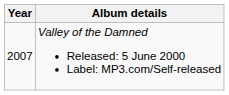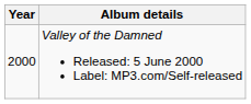 <table class=wikitable>
 <tr>
 <th>Year</th>
 <th>Album details</th>
 </tr>
 <tr>
-<td>2007</td>
+<td>2000</td>
 <td><em>Valley of the Damned</em><br><ul><li>Released: 5 June 2000</li><li>Label: MP3.com/Self-released</li></ul></td>
 </tr>
 </table>
